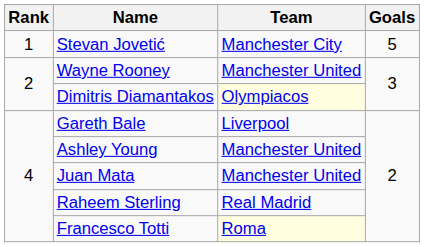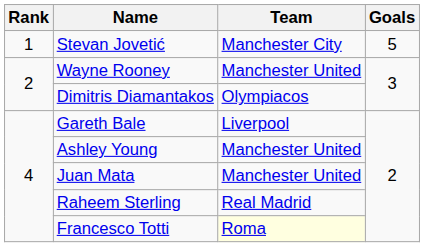 <table class="wikitable" style="text-align: center;">
 <tr>
 <th>Rank</th>
 <th>Name</th>
 <th>Team</th>
 <th>Goals</th>
 </tr>
 <tr>
 <td>1</td>
 <td align="left"> <a href='#'>Stevan Jovetić</a></td>
 <td align="left"> <a href='#'>Manchester City</a></td>
 <td align="center">5</td>
 </tr>
 <tr>
 <td rowspan="2">2</td>
 <td align="left"> <a href='#'>Wayne Rooney</a></td>
 <td align="left"> <a href='#'>Manchester United</a></td>
 <td rowspan="2" align="center">3</td>
 </tr>
 <tr>
 <td align="left"> <a href='#'>Dimitris Diamantakos</a></td>
-<td align="left" style="background: lightyellow;"> <a href='#'>Olympiacos</a></td>
+<td align="left"> <a href='#'>Olympiacos</a></td>
 </tr>
 <tr>
 <td rowspan="5">4</td>
 <td align="left"> <a href='#'>Gareth Bale</a></td>
 <td align="left"> <a href='#'>Liverpool</a></td>
 <td rowspan="5" align="center">2</td>
 </tr>
 <tr>
 <td align="left"> <a href='#'>Ashley Young</a></td>
 <td align="left"> <a href='#'>Manchester United</a></td>
 </tr>
 <tr>
 <td align="left"> <a href='#'>Juan Mata</a></td>
 <td align="left"> <a href='#'>Manchester United</a></td>
 </tr>
 <tr>
 <td align="left"> <a href='#'>Raheem Sterling</a></td>
 <td align="left"> <a href='#'>Real Madrid</a></td>
 </tr>
 <tr>
 <td align="left"> <a href='#'>Francesco Totti</a></td>
 <td align="left" style="background: lightyellow;"> <a href='#'>Roma</a></td>
 </tr>
 </table>
